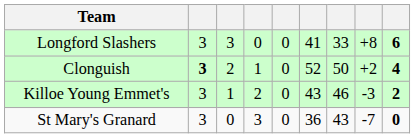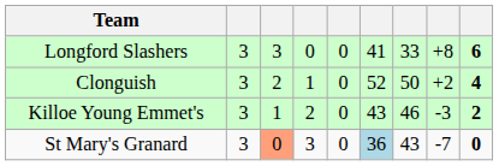 <table class="wikitable" style="text-align:center">
 <tr>
 <th style="width:175px;">Team</th>
 <th width="20"></th>
 <th width="20"></th>
 <th width="20"></th>
 <th width="20"></th>
 <th width="20"></th>
 <th width="20"></th>
 <th width="20"></th>
 <th width="20"></th>
 </tr>
 <tr style="background:#cfc;">
 <td>Longford Slashers</td>
 <td>3</td>
 <td>3</td>
 <td>0</td>
 <td>0</td>
 <td>41</td>
 <td>33</td>
 <td>+8</td>
 <td><strong>6</strong></td>
 </tr>
 <tr style="background:#cfc;">
 <td>Clonguish</td>
-<td><strong>3</strong></td>
+<td>3</td>
 <td>2</td>
 <td>1</td>
 <td>0</td>
 <td>52</td>
 <td>50</td>
 <td>+2</td>
 <td><strong>4</strong></td>
 </tr>
 <tr style="background:#cfc;">
 <td>Killoe Young Emmet's</td>
 <td>3</td>
 <td>1</td>
 <td>2</td>
 <td>0</td>
 <td>43</td>
 <td>46</td>
 <td>-3</td>
 <td><strong>2</strong></td>
 </tr>
 <tr>
 <td>St Mary's Granard</td>
 <td>3</td>
-<td>0</td>
+<td style="background: lightsalmon;">0</td>
 <td>3</td>
 <td>0</td>
-<td>36</td>
+<td style="background: lightblue;">36</td>
 <td>43</td>
 <td>-7</td>
 <td><strong>0</strong></td>
 </tr>
 </table>
